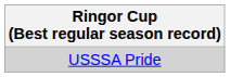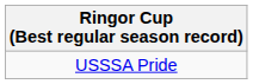 <table class="wikitable" style="text-align:center">
 <tr>
 <th>Ringor Cup <br>(Best regular season record)</th>
 </tr>
 <tr>
-<td style="background: lightgrey;"><a href='#'>USSSA Pride</a></td>
+<td><a href='#'>USSSA Pride</a></td>
 </tr>
 </table>
